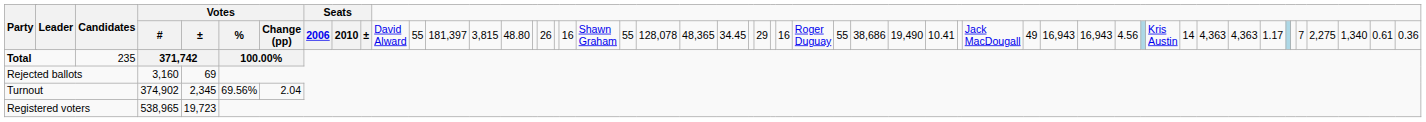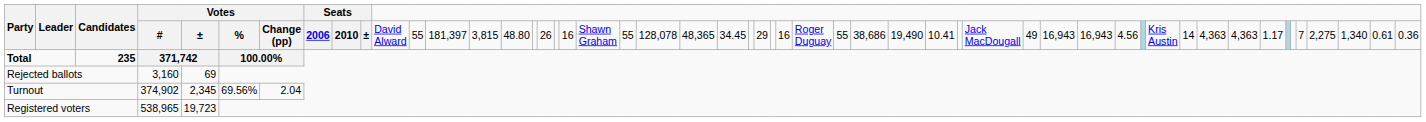 <table class="wikitable" style="text-align:right; font-size:85%">
 <tr>
 <th rowspan="2" colspan="2" style="width:15%">Party</th>
 <th rowspan="2">Leader</th>
 <th rowspan="2">Candidates</th>
 <th colspan="6">Votes</th>
 <th colspan="3">Seats</th>
 </tr>
 <tr>
 <th>#</th>
 <th>±</th>
 <th>%</th>
 <th colspan="3">Change (pp)</th>
 <th><a href='#'>2006</a></th>
 <th>2010</th>
 <th>±<br></th>
 <td style="text-align:left;"><a href='#'>David Alward</a></td>
 <td>55</td>
 <td>181,397</td>
 <td>3,815</td>
 <td>48.80</td>
 <td></td>
 <td>26</td>
 <td></td>
 <td>16<br></td>
 <td style="text-align:left;"><a href='#'>Shawn Graham</a></td>
 <td>55</td>
 <td>128,078</td>
 <td>48,365</td>
 <td>34.45</td>
 <td></td>
 <td>29</td>
 <td></td>
 <td>16<br></td>
 <td style="text-align:left;"><a href='#'>Roger Duguay</a></td>
 <td>55</td>
 <td>38,686</td>
 <td>19,490</td>
 <td>10.41</td>
 <td><br></td>
 <td style="text-align:left;"><a href='#'>Jack MacDougall</a></td>
 <td>49</td>
 <td>16,943</td>
 <td>16,943</td>
 <td>4.56</td>
 <td style="background-color:#ADD8E6;"><br></td>
 <td style="text-align:left;"><a href='#'>Kris Austin</a></td>
 <td>14</td>
 <td>4,363</td>
 <td>4,363</td>
 <td>1.17</td>
 <td style="background-color:#ADD8E6;"><br></td>
 <td style="text-align:left;"></td>
 <td>7</td>
 <td>2,275</td>
 <td>1,340</td>
 <td>0.61</td>
 <td>0.36</td>
 </tr>
 <tr>
 <td colspan="3" style="text-align: left;"><strong>Total</strong></td>
-<td>235</td>
+<td><strong>235</strong></td>
 <th colspan="2">371,742</th>
 <th colspan="2">100.00%</th>
 </tr>
 <tr>
 <td colspan="4" style="text-align:left;">Rejected ballots</td>
 <td>3,160</td>
 <td>69</td>
 </tr>
 <tr>
 <td colspan="4" style="text-align:left;">Turnout</td>
 <td>374,902</td>
 <td>2,345</td>
 <td>69.56%</td>
 <td>2.04</td>
 </tr>
 <tr>
 <td colspan="4" style="text-align:left;">Registered voters</td>
 <td>538,965</td>
 <td>19,723</td>
 </tr>
 </table>
